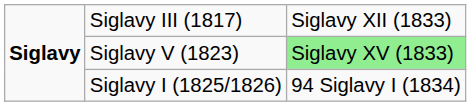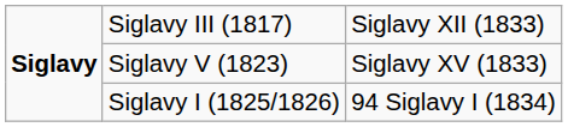 <table class="wikitable">
 <tr>
 <td rowspan="3"><strong>Siglavy</strong></td>
 <td>Siglavy III (1817)</td>
 <td>Siglavy XII (1833)</td>
 </tr>
 <tr>
 <td>Siglavy V (1823)</td>
-<td style="background: lightgreen;">Siglavy XV (1833)</td>
+<td>Siglavy XV (1833)</td>
 </tr>
 <tr>
 <td>Siglavy I (1825/1826)</td>
 <td>94 Siglavy I (1834)</td>
 </tr>
 </table>
